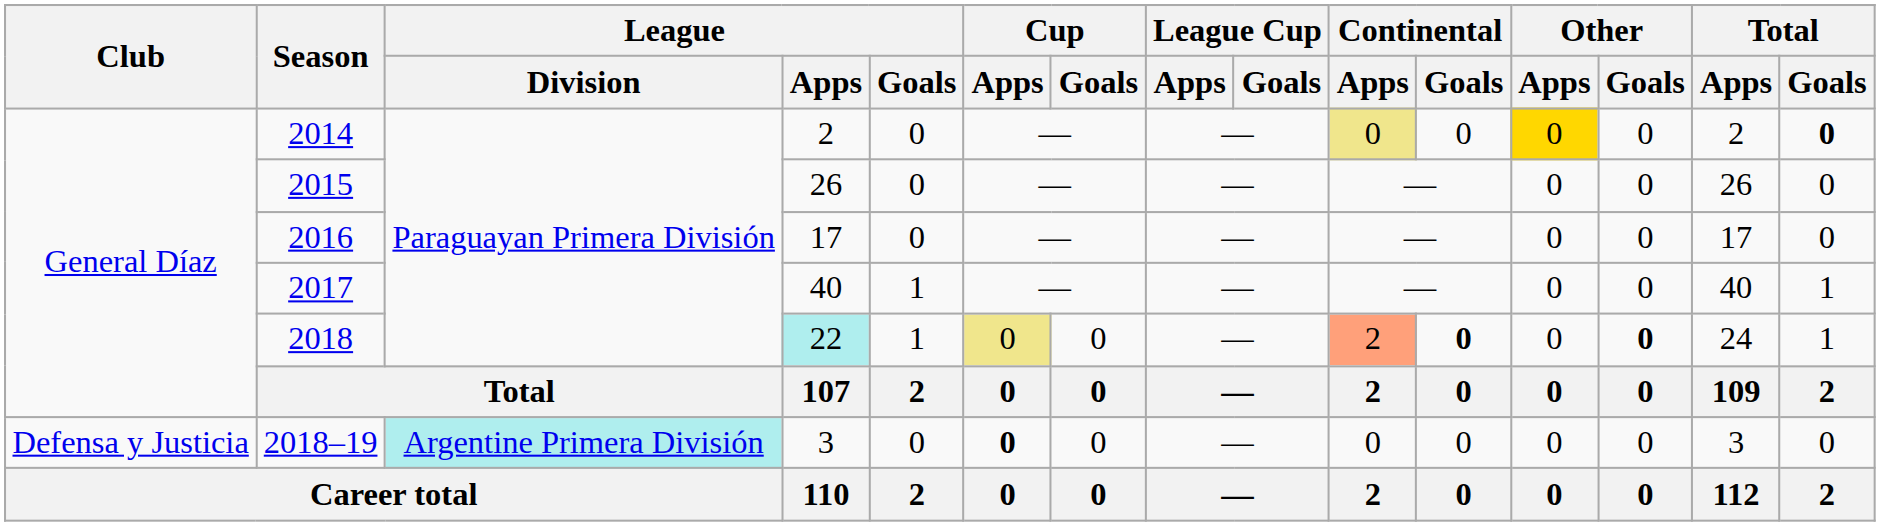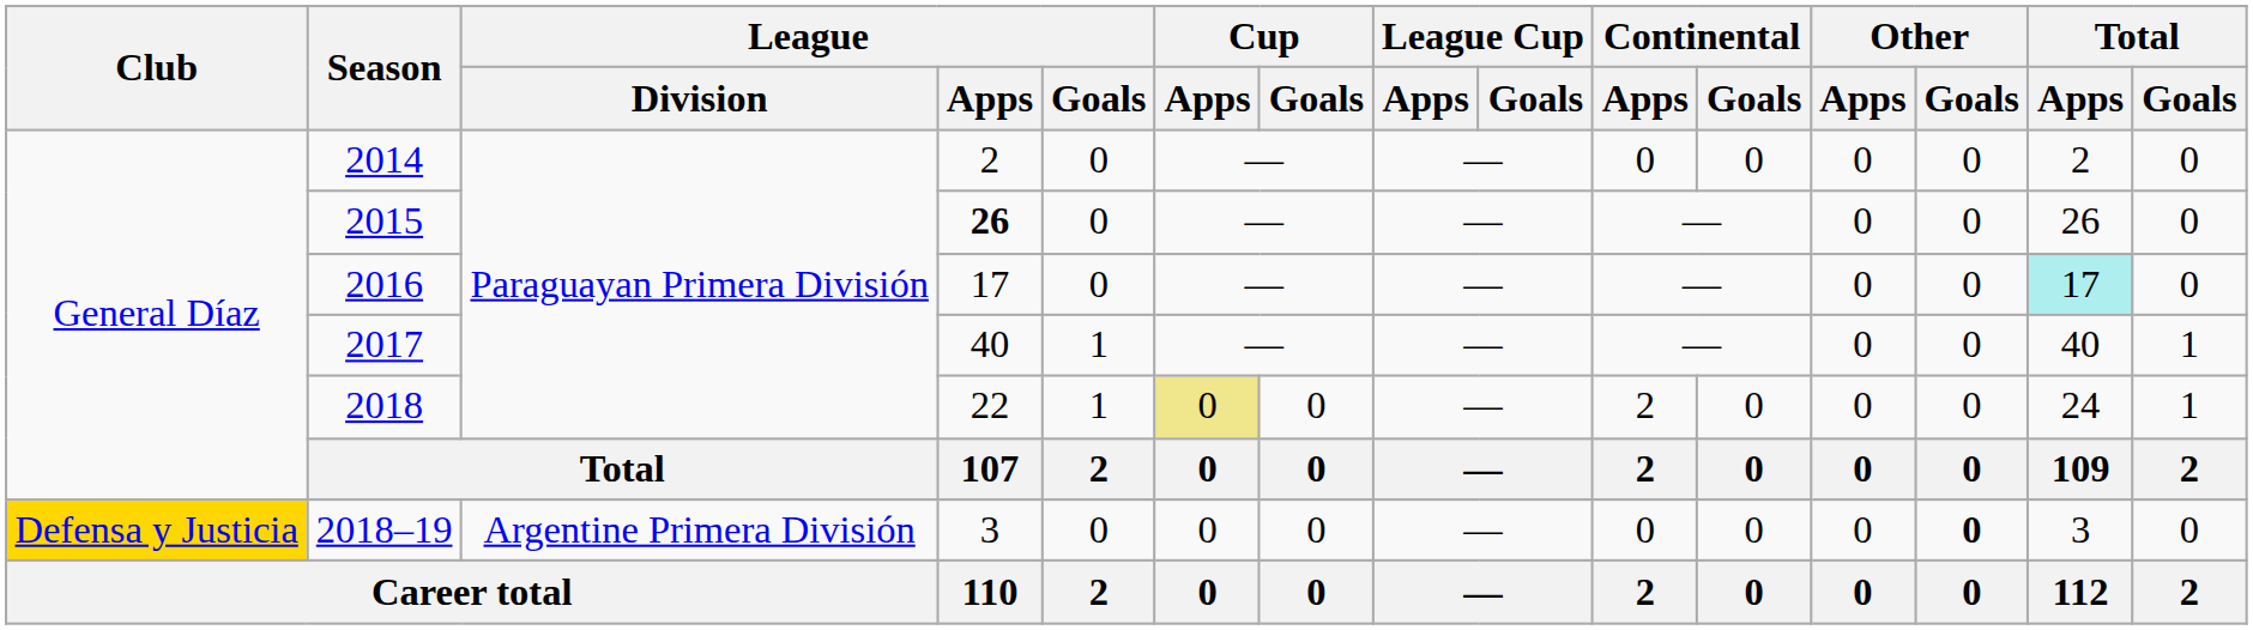 <table class="wikitable" style="text-align:center">
 <tr>
 <th rowspan="2">Club</th>
 <th rowspan="2">Season</th>
 <th colspan="3">League</th>
 <th colspan="2">Cup</th>
 <th colspan="2">League Cup</th>
 <th colspan="2">Continental</th>
 <th colspan="2">Other</th>
 <th colspan="2">Total</th>
 </tr>
 <tr>
 <th>Division</th>
 <th>Apps</th>
 <th>Goals</th>
 <th>Apps</th>
 <th>Goals</th>
 <th>Apps</th>
 <th>Goals</th>
 <th>Apps</th>
 <th>Goals</th>
 <th>Apps</th>
 <th>Goals</th>
 <th>Apps</th>
 <th>Goals</th>
 </tr>
 <tr>
 <td rowspan="6"><a href='#'>General Díaz</a></td>
 <td><a href='#'>2014</a></td>
 <td rowspan="5"><a href='#'>Paraguayan Primera División</a></td>
 <td>2</td>
 <td>0</td>
 <td colspan="2">—</td>
 <td colspan="2">—</td>
-<td style="background: khaki;">0</td>
 <td>0</td>
-<td style="background: gold;">0</td>
+<td>0</td>
+<td>0</td>
 <td>0</td>
 <td>2</td>
-<td><strong>0</strong></td>
+<td>0</td>
 </tr>
 <tr>
 <td><a href='#'>2015</a></td>
-<td>26</td>
+<td><strong>26</strong></td>
 <td>0</td>
 <td colspan="2">—</td>
 <td colspan="2">—</td>
 <td colspan="2">—</td>
 <td>0</td>
 <td>0</td>
 <td>26</td>
 <td>0</td>
 </tr>
 <tr>
 <td><a href='#'>2016</a></td>
 <td>17</td>
 <td>0</td>
 <td colspan="2">—</td>
 <td colspan="2">—</td>
 <td colspan="2">—</td>
 <td>0</td>
 <td>0</td>
-<td>17</td>
+<td style="background: paleturquoise;">17</td>
 <td>0</td>
 </tr>
 <tr>
 <td><a href='#'>2017</a></td>
 <td>40</td>
 <td>1</td>
 <td colspan="2">—</td>
 <td colspan="2">—</td>
 <td colspan="2">—</td>
 <td>0</td>
 <td>0</td>
 <td>40</td>
 <td>1</td>
 </tr>
 <tr>
 <td><a href='#'>2018</a></td>
-<td style="background: paleturquoise;">22</td>
+<td>22</td>
 <td>1</td>
 <td style="background: khaki;">0</td>
 <td>0</td>
 <td colspan="2">—</td>
-<td style="background: lightsalmon;">2</td>
-<td><strong>0</strong></td>
+<td>2</td>
 <td>0</td>
-<td><strong>0</strong></td>
+<td>0</td>
+<td>0</td>
 <td>24</td>
 <td>1</td>
 </tr>
 <tr>
 <th colspan="2">Total</th>
 <th>107</th>
 <th>2</th>
 <th>0</th>
 <th>0</th>
 <th colspan="2">—</th>
 <th>2</th>
 <th>0</th>
 <th>0</th>
 <th>0</th>
 <th>109</th>
 <th>2</th>
 </tr>
 <tr>
-<td rowspan="1"><a href='#'>Defensa y Justicia</a></td>
+<td rowspan="1" style="background: gold;"><a href='#'>Defensa y Justicia</a></td>
 <td><a href='#'>2018–19</a></td>
-<td rowspan="1" style="background: paleturquoise;"><a href='#'>Argentine Primera División</a></td>
+<td rowspan="1"><a href='#'>Argentine Primera División</a></td>
 <td>3</td>
 <td>0</td>
-<td><strong>0</strong></td>
+<td>0</td>
 <td>0</td>
 <td colspan="2">—</td>
 <td>0</td>
 <td>0</td>
 <td>0</td>
-<td>0</td>
+<td><strong>0</strong></td>
 <td>3</td>
 <td>0</td>
 </tr>
 <tr>
 <th colspan="3">Career total</th>
 <th>110</th>
 <th>2</th>
 <th>0</th>
 <th>0</th>
 <th colspan="2">—</th>
 <th>2</th>
 <th>0</th>
 <th>0</th>
 <th>0</th>
 <th>112</th>
 <th>2</th>
 </tr>
 </table>
